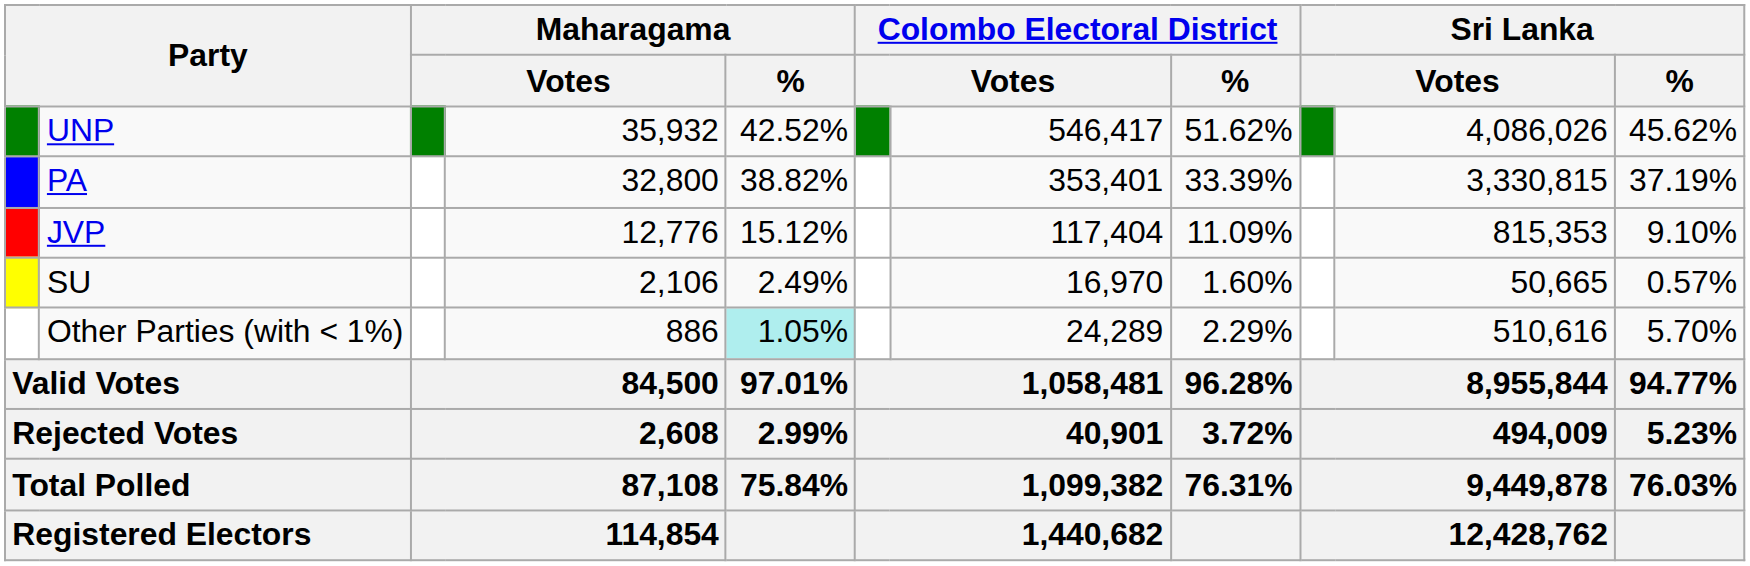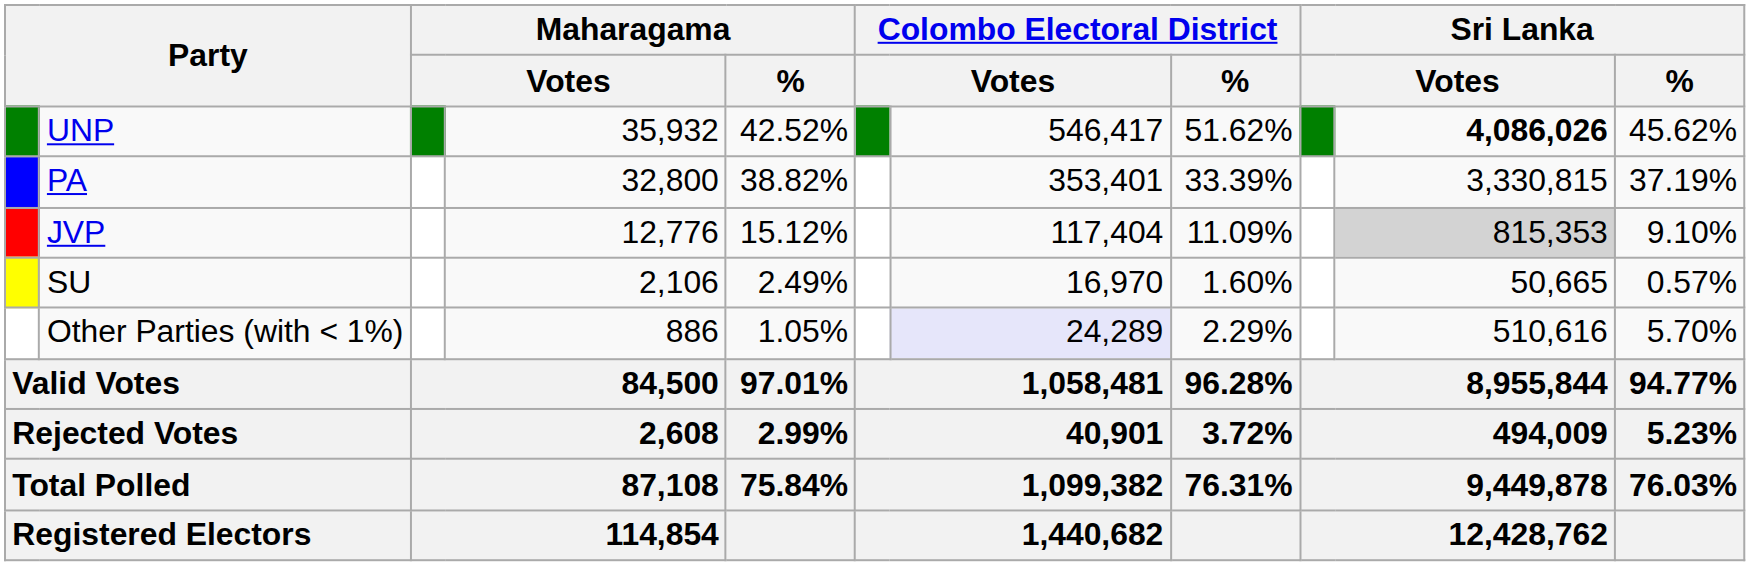 <table class="wikitable">
 <tr>
 <th colspan="2" width="144px"rowspan="2">Party</th>
 <th colspan="3" width="216px">Maharagama</th>
 <th colspan="3" width="216px"><a href='#'>Colombo Electoral District</a></th>
 <th colspan="3" width="216px">Sri Lanka</th>
 </tr>
 <tr>
 <th colspan="2" width="144px">Votes</th>
 <th>%</th>
 <th colspan="2" width="144px">Votes</th>
 <th>%</th>
 <th colspan="2" width="144px">Votes</th>
 <th>%</th>
 </tr>
 <tr>
 <td style="background-color:green;" width="10px"></td>
 <td style="text-align:left;"><a href='#'>UNP</a></td>
 <td style="background-color:green;" width="10px"></td>
 <td style="text-align:right;">35,932</td>
 <td style="text-align:right;">42.52%</td>
 <td style="background-color:green;" width="10px"></td>
 <td style="text-align:right;">546,417</td>
 <td style="text-align:right;">51.62%</td>
 <td style="background-color:green;" width="10px"></td>
-<td style="text-align:right;">4,086,026</td>
+<td style="text-align:right;"><strong>4,086,026</strong></td>
 <td style="text-align:right;">45.62%</td>
 </tr>
 <tr>
 <td style="background-color:blue;" width="10px"></td>
 <td style="text-align:left;"><a href='#'>PA</a></td>
 <td style="background-color:white;" width="10px"></td>
 <td style="text-align:right;">32,800</td>
 <td style="text-align:right;">38.82%</td>
 <td style="background-color:white;" width="10px"></td>
 <td style="text-align:right;">353,401</td>
 <td style="text-align:right;">33.39%</td>
 <td style="background-color:white;" width="10px"></td>
 <td style="text-align:right;">3,330,815</td>
 <td style="text-align:right;">37.19%</td>
 </tr>
 <tr>
 <td style="background-color:red;" width="10px"></td>
 <td style="text-align:left;"><a href='#'>JVP</a></td>
 <td style="background-color:white;" width="10px"></td>
 <td style="text-align:right;">12,776</td>
 <td style="text-align:right;">15.12%</td>
 <td style="background-color:white;" width="10px"></td>
 <td style="text-align:right;">117,404</td>
 <td style="text-align:right;">11.09%</td>
 <td style="background-color:white;" width="10px"></td>
-<td style="text-align:right;">815,353</td>
+<td style="background: lightgrey; text-align:right;">815,353</td>
 <td style="text-align:right;">9.10%</td>
 </tr>
 <tr>
 <td style="background-color:yellow;" width="10px"></td>
 <td style="text-align:left;">SU</td>
 <td style="background-color:white;" width="10px"></td>
 <td style="text-align:right;">2,106</td>
 <td style="text-align:right;">2.49%</td>
 <td style="background-color:white;" width="10px"></td>
 <td style="text-align:right;">16,970</td>
 <td style="text-align:right;">1.60%</td>
 <td style="background-color:white;" width="10px"></td>
 <td style="text-align:right;">50,665</td>
 <td style="text-align:right;">0.57%</td>
 </tr>
 <tr>
 <td style="background-color:white;" width="10px"></td>
 <td style="text-align:left;">Other Parties (with < 1%)</td>
 <td style="background-color:white;" width="10px"></td>
 <td style="text-align:right;">886</td>
-<td style="background: paleturquoise; text-align:right;">1.05%</td>
+<td style="text-align:right;">1.05%</td>
 <td style="background-color:white;" width="10px"></td>
-<td style="text-align:right;">24,289</td>
+<td style="background: lavender; text-align:right;">24,289</td>
 <td style="text-align:right;">2.29%</td>
 <td style="background-color:white;" width="10px"></td>
 <td style="text-align:right;">510,616</td>
 <td style="text-align:right;">5.70%</td>
 </tr>
 <tr>
 <th colspan="2" width="144px"style="text-align:left;">Valid Votes</th>
 <th style="text-align:right;"colspan="2" width="144px">84,500</th>
 <th style="text-align:right;">97.01%</th>
 <th style="text-align:right;"colspan="2" width="144px">1,058,481</th>
 <th style="text-align:right;">96.28%</th>
 <th style="text-align:right;"colspan="2" width="144px">8,955,844</th>
 <th style="text-align:right;">94.77%</th>
 </tr>
 <tr>
 <th colspan="2" width="144px"style="text-align:left;">Rejected Votes</th>
 <th style="text-align:right;"colspan="2" width="144px">2,608</th>
 <th style="text-align:right;">2.99%</th>
 <th style="text-align:right;"colspan="2" width="144px">40,901</th>
 <th style="text-align:right;">3.72%</th>
 <th style="text-align:right;"colspan="2" width="144px">494,009</th>
 <th style="text-align:right;">5.23%</th>
 </tr>
 <tr>
 <th colspan="2" width="144px"style="text-align:left;">Total Polled</th>
 <th style="text-align:right;"colspan="2" width="144px">87,108</th>
 <th style="text-align:right;">75.84%</th>
 <th style="text-align:right;"colspan="2" width="144px">1,099,382</th>
 <th style="text-align:right;">76.31%</th>
 <th style="text-align:right;"colspan="2" width="144px">9,449,878</th>
 <th style="text-align:right;">76.03%</th>
 </tr>
 <tr>
 <th colspan="2" width="144px"style="text-align:left;">Registered Electors</th>
 <th style="text-align:right;"colspan="2" width="144px">114,854</th>
 <th></th>
 <th style="text-align:right;"colspan="2" width="144px">1,440,682</th>
 <th></th>
 <th style="text-align:right;"colspan="2" width="144px">12,428,762</th>
 <th></th>
 </tr>
 </table>
